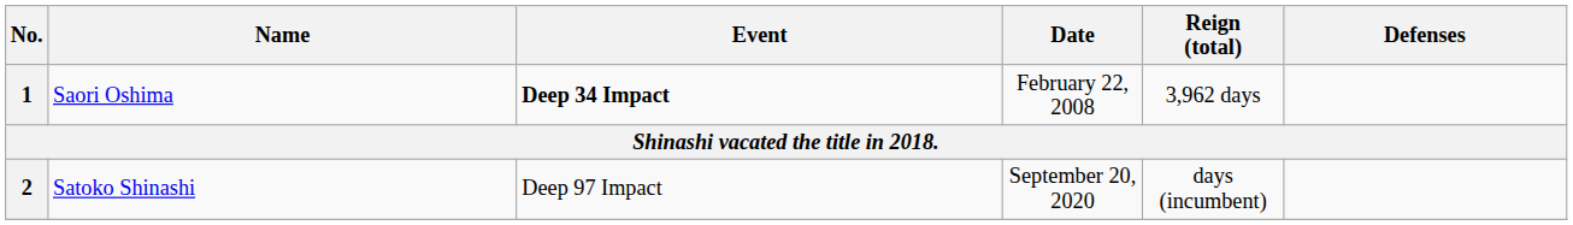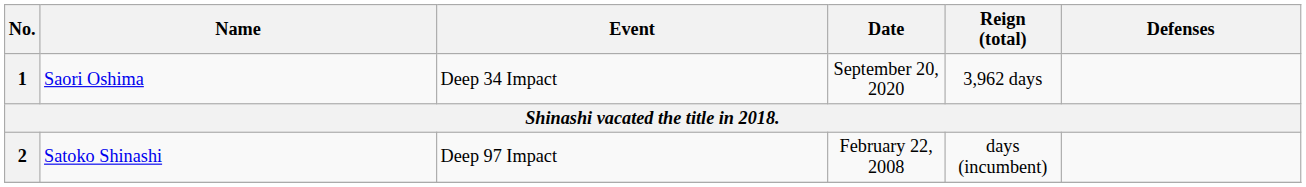 <table class="wikitable" style="width:90%;">
 <tr>
 <th style="width:2%;">No.</th>
 <th>Name</th>
 <th>Event</th>
 <th style="width:9%;">Date</th>
 <th style="width:9%;">Reign<br>(total)</th>
 <th>Defenses</th>
 </tr>
 <tr>
 <th>1</th>
 <td> <a href='#'>Saori Oshima</a><br></td>
-<td><strong>Deep 34 Impact<br></strong></td>
-<td align=center>February 22, 2008</td>
+<td>Deep 34 Impact<br></td>
+<td align=center>September 20, 2020</td>
 <td align=center>3,962 days</td>
 <td></td>
 </tr>
 <tr>
 <th colspan=6 align=center><em>Shinashi vacated the title in 2018.</em></th>
 </tr>
 <tr>
 <th>2</th>
 <td> <a href='#'>Satoko Shinashi</a><br></td>
 <td>Deep 97 Impact<br></td>
-<td align=center>September 20, 2020</td>
+<td align=center>February 22, 2008</td>
 <td align=center> days<br>(incumbent)</td>
 <td><br><br> </td>
 </tr>
 <tr>
 </tr>
 </table>
